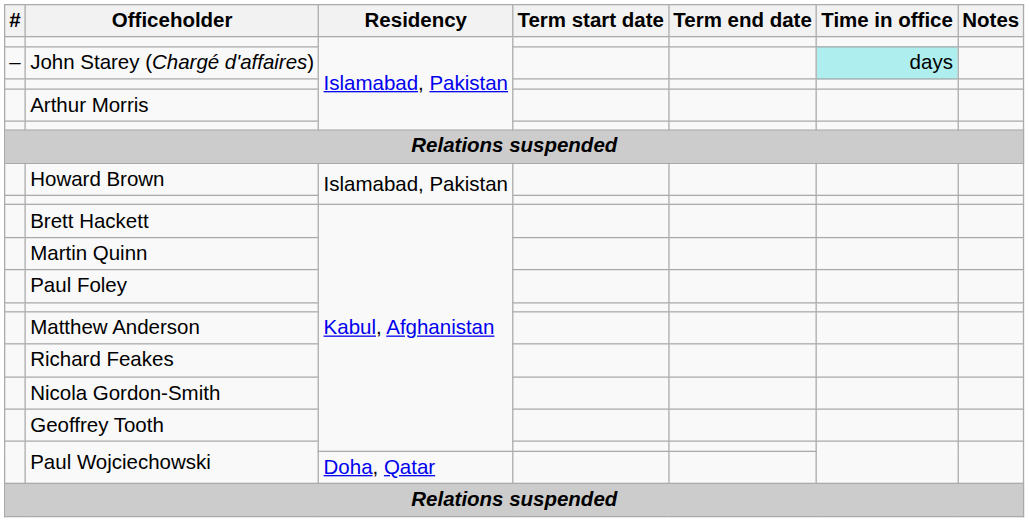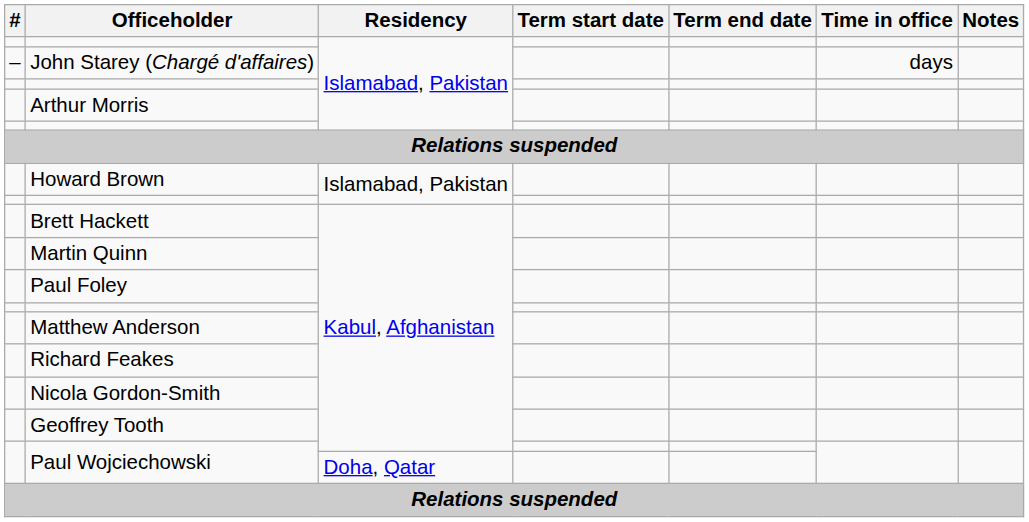 <table class='wikitable sortable'>
 <tr>
 <th>#</th>
 <th>Officeholder</th>
 <th>Residency</th>
 <th>Term start date</th>
 <th>Term end date</th>
 <th>Time in office</th>
 <th>Notes</th>
 </tr>
 <tr>
 <td align=center></td>
 <td></td>
 <td rowspan=5><a href='#'>Islamabad</a>, <a href='#'>Pakistan</a></td>
 <td align=center></td>
 <td align=center></td>
 <td align=right></td>
 <td></td>
 </tr>
 <tr>
 <td align=center>–</td>
 <td>John Starey (<em>Chargé d'affaires</em>)</td>
 <td align=center></td>
 <td align=center></td>
-<td align=right style="background: paleturquoise;"> days</td>
+<td align=right> days</td>
 <td></td>
 </tr>
 <tr>
 <td align=center></td>
 <td></td>
 <td align=center></td>
 <td align=center></td>
 <td align=right></td>
 <td></td>
 </tr>
 <tr>
 <td align=center></td>
 <td>Arthur Morris</td>
 <td align=center></td>
 <td align=center></td>
 <td align=right></td>
 <td></td>
 </tr>
 <tr>
 <td align=center></td>
 <td></td>
 <td align=center></td>
 <td align=center></td>
 <td align=right><strong></strong></td>
 <td></td>
 </tr>
 <tr>
 <th colspan=8 style="background: #cccccc;"><em>Relations suspended</em></th>
 </tr>
 <tr>
 <td align=center></td>
 <td>Howard Brown</td>
 <td rowspan=2>Islamabad, Pakistan</td>
 <td align=center></td>
 <td align=center></td>
 <td align=right></td>
 <td></td>
 </tr>
 <tr>
 <td align=center></td>
 <td></td>
 <td align=center></td>
 <td align=center></td>
 <td align=right></td>
 <td></td>
 </tr>
 <tr>
 <td align=center></td>
 <td>Brett Hackett</td>
 <td rowspan=9><a href='#'>Kabul</a>, <a href='#'>Afghanistan</a></td>
 <td align=center></td>
 <td align=center></td>
 <td align=right></td>
 <td></td>
 </tr>
 <tr>
 <td align=center></td>
 <td>Martin Quinn</td>
 <td align=center></td>
 <td align=center></td>
 <td align=right></td>
 <td></td>
 </tr>
 <tr>
 <td align=center></td>
 <td>Paul Foley</td>
 <td align=center></td>
 <td align=center></td>
 <td align=right></td>
 <td></td>
 </tr>
 <tr>
 <td align=center></td>
 <td></td>
 <td align=center></td>
 <td align=center></td>
 <td align=right></td>
 <td></td>
 </tr>
 <tr>
 <td align=center></td>
 <td>Matthew Anderson</td>
 <td align=center></td>
 <td align=center></td>
 <td align=right></td>
 <td></td>
 </tr>
 <tr>
 <td align=center></td>
 <td>Richard Feakes</td>
 <td align=center></td>
 <td align=center></td>
 <td align=right></td>
 <td></td>
 </tr>
 <tr>
 <td align=center></td>
 <td>Nicola Gordon-Smith</td>
 <td align=center></td>
 <td align=center></td>
 <td align=right></td>
 <td></td>
 </tr>
 <tr>
 <td align=center></td>
 <td>Geoffrey Tooth</td>
 <td align=center></td>
 <td align=center></td>
 <td align=right></td>
 <td></td>
 </tr>
 <tr>
 <td rowspan=2 align=center></td>
 <td rowspan=2>Paul Wojciechowski</td>
 <td align=center></td>
 <td align=center></td>
 <td rowspan=2 align=right></td>
 <td rowspan=2></td>
 </tr>
 <tr>
 <td><a href='#'>Doha</a>, <a href='#'>Qatar</a></td>
 <td align=center></td>
 <td align=center></td>
 </tr>
 <tr>
 <th colspan=8 style="background: #cccccc;"><em>Relations suspended</em></th>
 </tr>
 </table>
